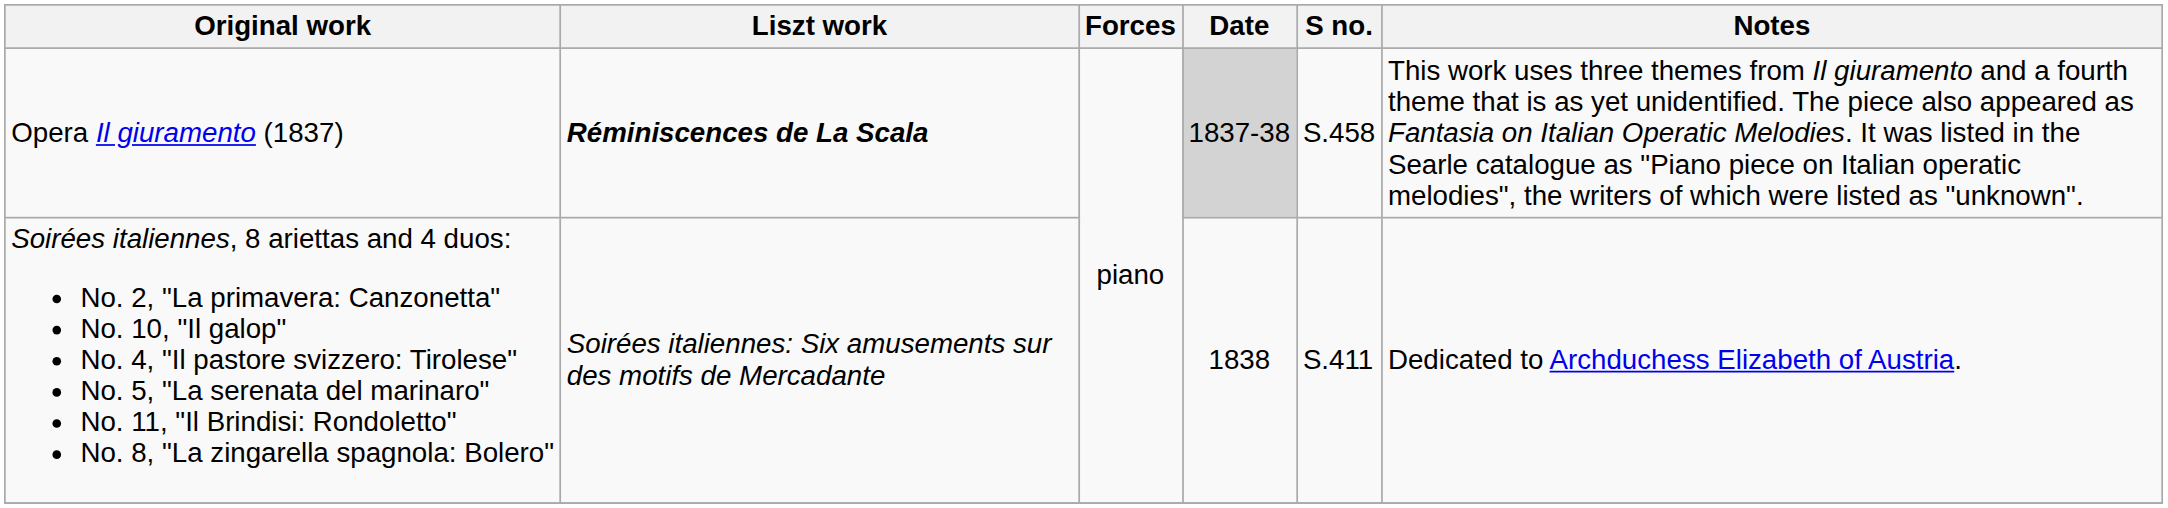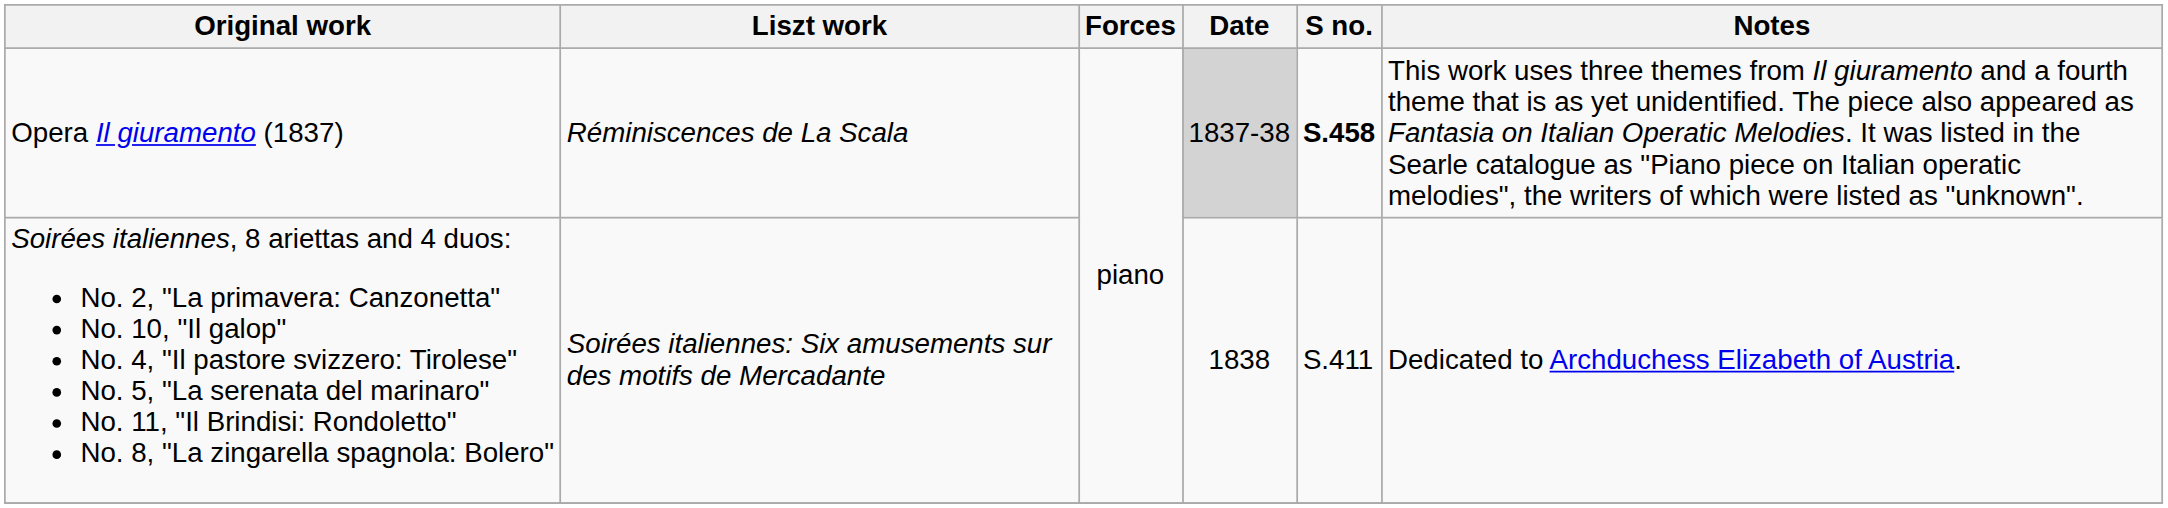 <table class="wikitable">
 <tr>
 <th>Original work</th>
 <th>Liszt work</th>
 <th>Forces</th>
 <th>Date</th>
 <th>S no.</th>
 <th>Notes</th>
 </tr>
 <tr>
 <td>Opera <em><a href='#'>Il giuramento</a></em> (1837)</td>
-<td><strong><em>Réminiscences de La Scala</em></strong></td>
+<td><em>Réminiscences de La Scala</em></td>
 <td rowspan=2 style="text-align: center">piano</td>
 <td style="background: lightgrey;">1837‑38</td>
-<td>S.458</td>
+<td><strong>S.458</strong></td>
 <td>This work uses three themes from <em>Il giuramento</em> and a fourth theme that is as yet unidentified.  The piece also appeared as <em>Fantasia on Italian Operatic Melodies</em>.  It was listed in the Searle catalogue as "Piano piece on Italian operatic melodies", the writers of which were listed as "unknown".</td>
 </tr>
 <tr>
 <td><em>Soirées italiennes</em>, 8 ariettas and 4 duos:<br><ul><li>No. 2, "La primavera: Canzonetta"</li><li>No. 10, "Il galop"</li><li>No. 4, "Il pastore svizzero: Tirolese"</li><li>No. 5, "La serenata del marinaro"</li><li>No. 11, "Il Brindisi: Rondoletto"</li><li>No. 8, "La zingarella spagnola: Bolero"</li></ul></td>
 <td><em>Soirées italiennes: Six amusements sur des motifs de Mercadante</em></td>
 <td style="text-align: center">1838</td>
 <td>S.411</td>
 <td>Dedicated to <a href='#'>Archduchess Elizabeth of Austria</a>.</td>
 </tr>
 <tr>
 </tr>
 </table>
